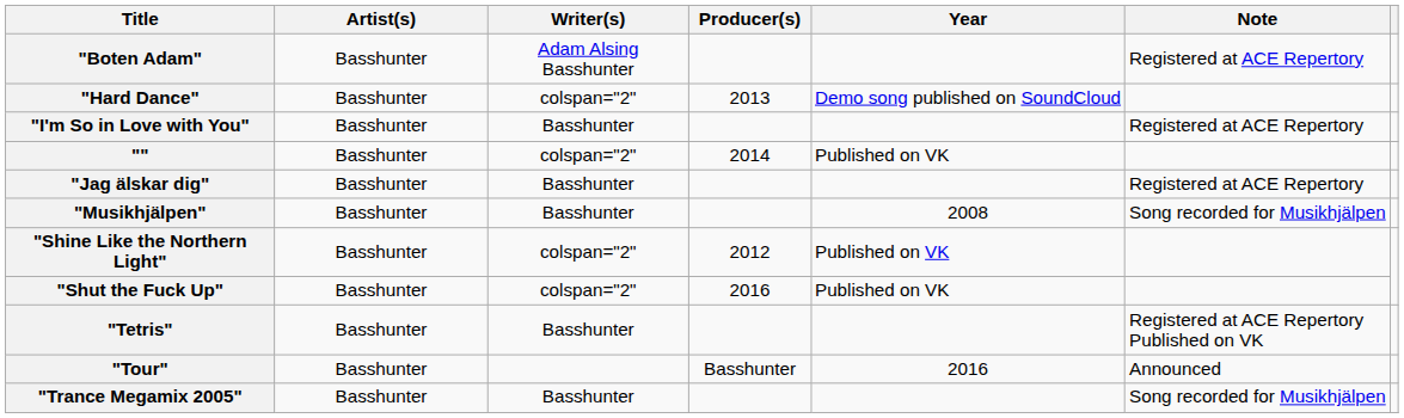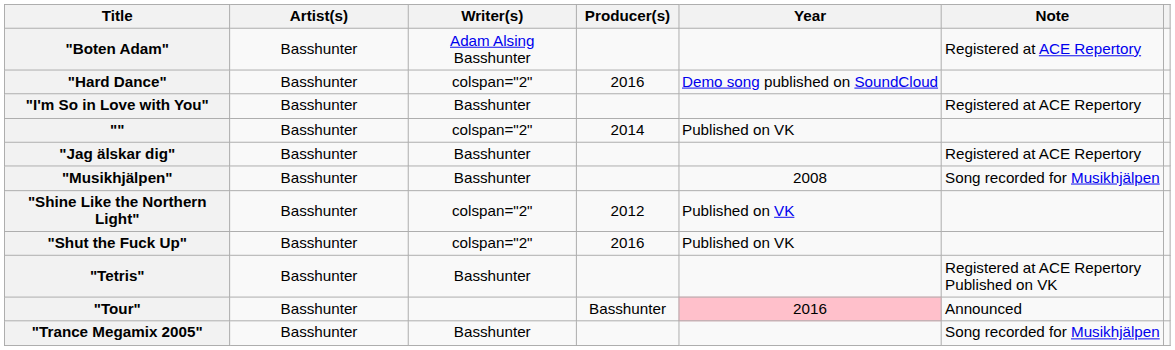 <table class="wikitable sortable plainrowheaders" style="text-align:center;">
 <tr>
 <th scope="col" width="230">Title</th>
 <th scope="col" width="180">Artist(s)</th>
 <th scope="col" width="170" class="unsortable">Writer(s)</th>
 <th scope="col" width="100" class="unsortable">Producer(s)</th>
 <th scope="col"><span>Year</span></th>
 <th scope="col">Note</th>
 <th scope="col" class="unsortable"></th>
 </tr>
 <tr>
 <th scope="row">"Boten Adam"</th>
 <td>Basshunter</td>
 <td><a href='#'>Adam Alsing</a><br>Basshunter</td>
 <td></td>
 <td></td>
 <td align="left">Registered at <a href='#'>ACE Repertory</a></td>
 <td></td>
 </tr>
 <tr>
 <th scope="row">"Hard Dance"</th>
 <td>Basshunter</td>
 <td>colspan="2" </td>
-<td>2013</td>
+<td>2016</td>
 <td align="left"><a href='#'>Demo song</a> published on <a href='#'>SoundCloud</a></td>
 <td></td>
 </tr>
 <tr>
 <th scope="row">"I'm So in Love with You"</th>
 <td>Basshunter</td>
 <td>Basshunter</td>
 <td></td>
 <td></td>
 <td align="left">Registered at ACE Repertory</td>
 <td></td>
 </tr>
 <tr>
 <th scope="row">""</th>
 <td>Basshunter</td>
 <td>colspan="2" </td>
 <td>2014</td>
 <td align="left">Published on VK</td>
 <td></td>
 </tr>
 <tr>
 <th scope="row">"Jag älskar dig"</th>
 <td>Basshunter</td>
 <td>Basshunter</td>
 <td></td>
 <td></td>
 <td align="left">Registered at ACE Repertory</td>
 <td></td>
 </tr>
 <tr>
 <th scope="row">"Musikhjälpen"</th>
 <td>Basshunter</td>
 <td>Basshunter</td>
 <td></td>
 <td>2008</td>
 <td align="left">Song recorded for <a href='#'>Musikhjälpen</a></td>
 <td></td>
 </tr>
 <tr>
 <th scope="row">"Shine Like the Northern Light"</th>
 <td>Basshunter</td>
 <td>colspan="2" </td>
 <td>2012</td>
 <td align="left">Published on <a href='#'>VK</a></td>
 <td></td>
 </tr>
 <tr>
 <th scope="row">"Shut the Fuck Up"</th>
 <td>Basshunter</td>
 <td>colspan="2" </td>
 <td>2016</td>
 <td align="left">Published on VK</td>
 <td></td>
 </tr>
 <tr>
 <th scope="row">"Tetris"</th>
 <td>Basshunter</td>
 <td>Basshunter</td>
 <td></td>
 <td></td>
 <td align="left">Registered at ACE Repertory<br>Published on VK</td>
 <td></td>
 </tr>
 <tr>
 <th scope="row">"Tour"</th>
 <td>Basshunter</td>
 <td></td>
 <td>Basshunter</td>
-<td>2016</td>
+<td style="background: pink;">2016</td>
 <td align="left">Announced</td>
 <td></td>
 </tr>
 <tr>
 <th scope="row">"Trance Megamix 2005"</th>
 <td>Basshunter</td>
 <td>Basshunter</td>
 <td></td>
 <td></td>
 <td align="left">Song recorded for <a href='#'>Musikhjälpen</a></td>
 <td></td>
 </tr>
 </table>
